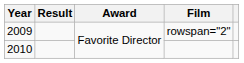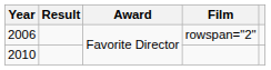 <table class="wikitable">
 <tr>
 <th>Year</th>
 <th>Result</th>
 <th>Award</th>
 <th>Film</th>
 <th></th>
 </tr>
 <tr>
-<td>2009</td>
+<td>2006</td>
 <td></td>
 <td rowspan="2">Favorite Director</td>
 <td>rowspan="2" </td>
 <td style="text-align:center;"></td>
 </tr>
 <tr>
 <td>2010</td>
 <td></td>
 <td style="text-align:center;"></td>
 </tr>
 </table>
